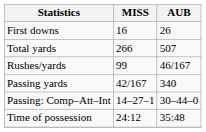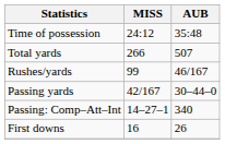 <table class="wikitable" style="float: left;">
 <tr>
 <th>Statistics</th>
 <th>MISS</th>
 <th>AUB</th>
 </tr>
 <tr>
-<td>First downs</td>
-<td>16</td>
-<td>26</td>
+<td>Time of possession</td>
+<td>24:12</td>
+<td>35:48</td>
 </tr>
 <tr>
 <td>Total yards</td>
 <td>266</td>
 <td>507</td>
 </tr>
 <tr>
 <td>Rushes/yards</td>
 <td>99</td>
 <td>46/167</td>
 </tr>
 <tr>
 <td>Passing yards</td>
 <td>42/167</td>
-<td>340</td>
+<td>30–44–0</td>
 </tr>
 <tr>
 <td>Passing: Comp–Att–Int</td>
 <td>14–27–1</td>
-<td>30–44–0</td>
+<td>340</td>
 </tr>
 <tr>
-<td>Time of possession</td>
-<td>24:12</td>
-<td>35:48</td>
+<td>First downs</td>
+<td>16</td>
+<td>26</td>
 </tr>
 <tr>
 </tr>
 </table>
